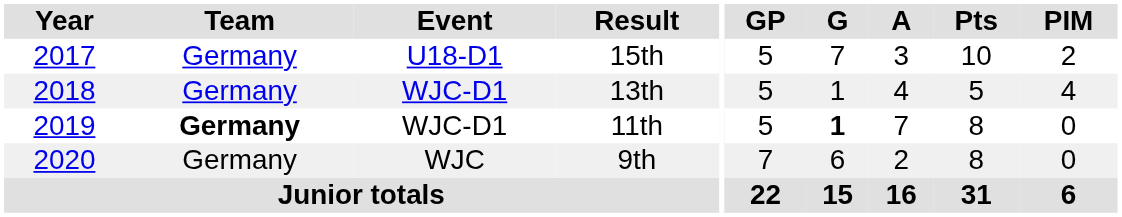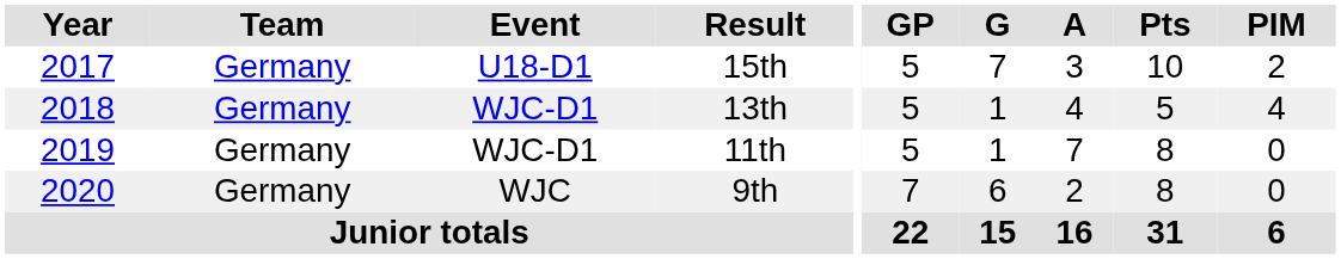 <table border="0" cellpadding="1" cellspacing="0" ID="Table3" style="text-align:center; width:40em">
 <tr ALIGN="center" bgcolor="#e0e0e0">
 <th>Year</th>
 <th>Team</th>
 <th>Event</th>
 <th>Result</th>
 <th rowspan="99" bgcolor="#ffffff"></th>
 <th>GP</th>
 <th>G</th>
 <th>A</th>
 <th>Pts</th>
 <th>PIM</th>
 </tr>
 <tr>
 <td><a href='#'>2017</a></td>
 <td><a href='#'>Germany</a></td>
 <td><a href='#'>U18-D1</a></td>
 <td>15th</td>
 <td>5</td>
 <td>7</td>
 <td>3</td>
 <td>10</td>
 <td>2</td>
 </tr>
 <tr bgcolor="#f0f0f0">
 <td><a href='#'>2018</a></td>
 <td><a href='#'>Germany</a></td>
 <td><a href='#'>WJC-D1</a></td>
 <td>13th</td>
 <td>5</td>
 <td>1</td>
 <td>4</td>
 <td>5</td>
 <td>4</td>
 </tr>
 <tr>
 <td><a href='#'>2019</a></td>
-<td><strong>Germany</strong></td>
+<td>Germany</td>
 <td>WJC-D1</td>
 <td>11th</td>
 <td>5</td>
-<td><strong>1</strong></td>
+<td>1</td>
 <td>7</td>
 <td>8</td>
 <td>0</td>
 </tr>
 <tr bgcolor="#f0f0f0">
 <td><a href='#'>2020</a></td>
 <td>Germany</td>
 <td>WJC</td>
 <td>9th</td>
 <td>7</td>
 <td>6</td>
 <td>2</td>
 <td>8</td>
 <td>0</td>
 </tr>
 <tr bgcolor="#e0e0e0">
 <th colspan="4">Junior totals</th>
 <th>22</th>
 <th>15</th>
 <th>16</th>
 <th>31</th>
 <th>6</th>
 </tr>
 </table>
